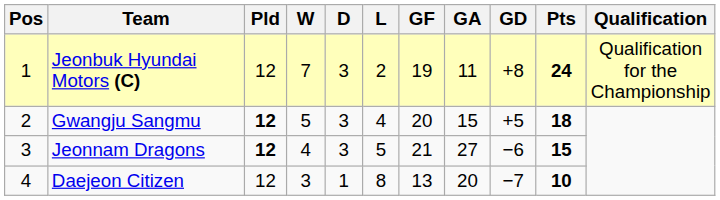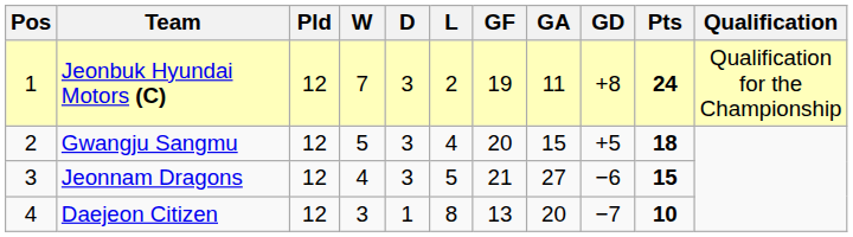 <table class="wikitable" style="text-align:center;">
 <tr>
 <th width=20>Pos</th>
 <th width=200>Team</th>
 <th width=30 abbr="Played">Pld</th>
 <th width=30 abbr="Won">W</th>
 <th width=30 abbr="Draw">D</th>
 <th width=30 abbr="Lost">L</th>
 <th width=35 abbr="Goals for">GF</th>
 <th width=35 abbr="Goals against">GA</th>
 <th width=35 abbr="Goal difference">GD</th>
 <th width=40 abbr="Points">Pts</th>
 <th>Qualification</th>
 </tr>
 <tr bgcolor=#ffffbb>
 <td>1</td>
 <td align="left"><a href='#'>Jeonbuk Hyundai Motors</a> <strong>(C)</strong></td>
 <td>12</td>
 <td>7</td>
 <td>3</td>
 <td>2</td>
 <td>19</td>
 <td>11</td>
 <td>+8</td>
 <td><strong>24</strong></td>
 <td>Qualification for the Championship</td>
 </tr>
 <tr>
 <td>2</td>
 <td align="left"><a href='#'>Gwangju Sangmu</a></td>
-<td><strong>12</strong></td>
+<td>12</td>
 <td>5</td>
 <td>3</td>
 <td>4</td>
 <td>20</td>
 <td>15</td>
 <td>+5</td>
 <td><strong>18</strong></td>
 <td rowspan=3></td>
 </tr>
 <tr>
 <td>3</td>
 <td align="left"><a href='#'>Jeonnam Dragons</a></td>
-<td><strong>12</strong></td>
+<td>12</td>
 <td>4</td>
 <td>3</td>
 <td>5</td>
 <td>21</td>
 <td>27</td>
 <td>−6</td>
 <td><strong>15</strong></td>
 </tr>
 <tr>
 <td>4</td>
 <td align="left"><a href='#'>Daejeon Citizen</a></td>
 <td>12</td>
 <td>3</td>
 <td>1</td>
 <td>8</td>
 <td>13</td>
 <td>20</td>
 <td>−7</td>
 <td><strong>10</strong></td>
 </tr>
 </table>
